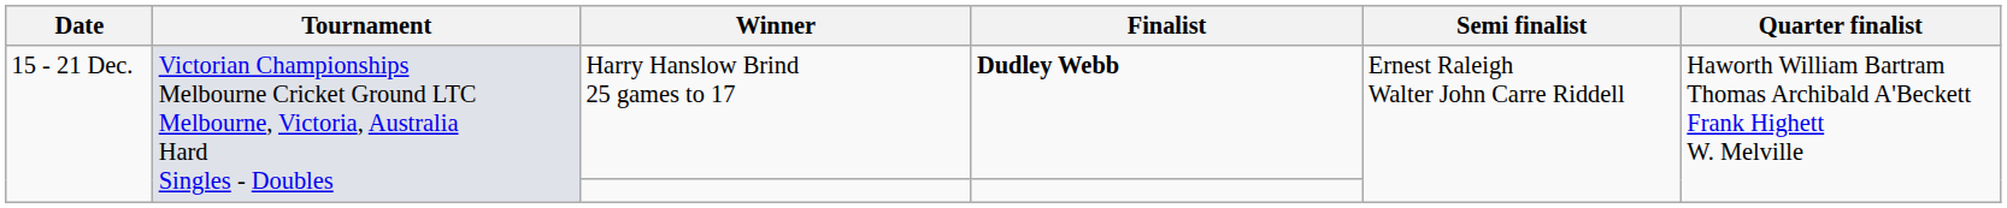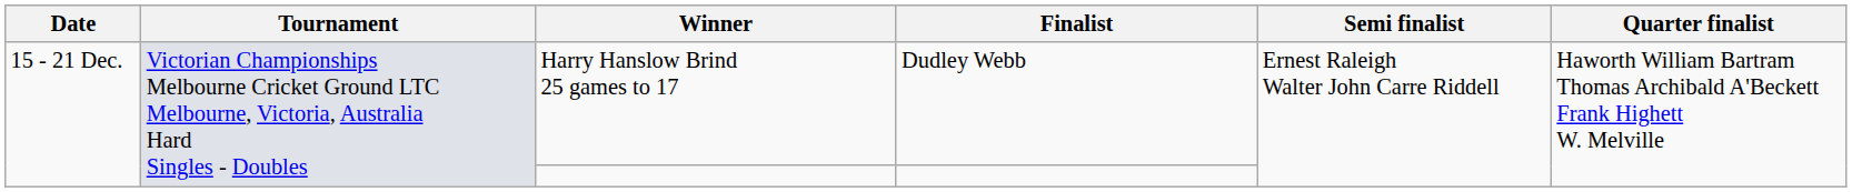 <table class="wikitable" style="font-size:85%;">
 <tr>
 <th width="75">Date</th>
 <th style="width:230px;">Tournament</th>
 <th style="width:210px;">Winner</th>
 <th style="width:210px;">Finalist</th>
 <th style="width:170px;">Semi finalist</th>
 <th style="width:170px;">Quarter finalist</th>
 </tr>
 <tr valign=top>
 <td rowspan=2>15 - 21 Dec.</td>
 <td style="background:#dfe2e9" rowspan=2><a href='#'>Victorian Championships</a><br>Melbourne Cricket Ground LTC<br> <a href='#'>Melbourne</a>, <a href='#'>Victoria</a>, <a href='#'>Australia</a><br> Hard <br><a href='#'>Singles</a> - <a href='#'>Doubles</a></td>
 <td> Harry Hanslow Brind  <br>25 games to 17</td>
-<td><strong> Dudley Webb</strong></td>
+<td> Dudley Webb</td>
 <td rowspan=2> Ernest Raleigh <br> Walter John Carre Riddell</td>
 <td rowspan=2> Haworth William Bartram<br> Thomas Archibald A'Beckett<br> <a href='#'>Frank Highett</a><br>W. Melville</td>
 </tr>
 <tr valign=top>
 <td></td>
 <td></td>
 </tr>
 </table>
